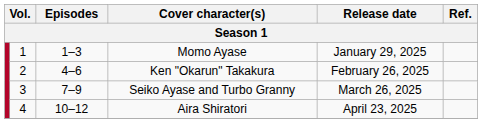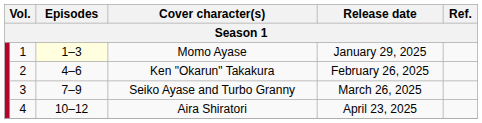 <table class="wikitable" style="text-align: center; width: 50%;">
 <tr>
 <th colspan="2">Vol.</th>
 <th>Episodes</th>
 <th>Cover character(s)</th>
 <th>Release date</th>
 <th>Ref.</th>
 </tr>
 <tr>
 <th colspan="6">Season 1</th>
 </tr>
 <tr>
 <td rowspan="4" width="1%" style="background: #B3042A;"></td>
 <td>1</td>
-<td>1–3</td>
+<td style="background: lightyellow;">1–3</td>
 <td>Momo Ayase</td>
 <td>January 29, 2025</td>
 <td></td>
 </tr>
 <tr>
 <td>2</td>
 <td>4–6</td>
 <td>Ken "Okarun" Takakura</td>
 <td>February 26, 2025</td>
 <td></td>
 </tr>
 <tr>
 <td>3</td>
 <td>7–9</td>
 <td>Seiko Ayase and Turbo Granny</td>
 <td>March 26, 2025</td>
 <td></td>
 </tr>
 <tr>
 <td>4</td>
 <td>10–12</td>
 <td>Aira Shiratori</td>
 <td>April 23, 2025</td>
 <td></td>
 </tr>
 <tr>
 </tr>
 </table>
